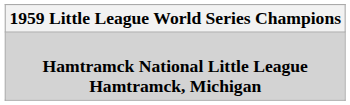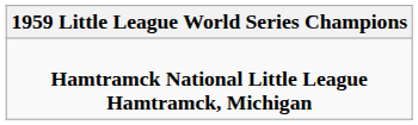 <table class="wikitable" style="text-align: center; margin: 0 auto;">
 <tr>
 <th>1959 Little League World Series Champions</th>
 </tr>
 <tr>
-<td style="background: lightgrey;"><br><strong>Hamtramck National Little League</strong><br><strong>Hamtramck, Michigan</strong></td>
+<td><br><strong>Hamtramck National Little League</strong><br><strong>Hamtramck, Michigan</strong></td>
 </tr>
 </table>
